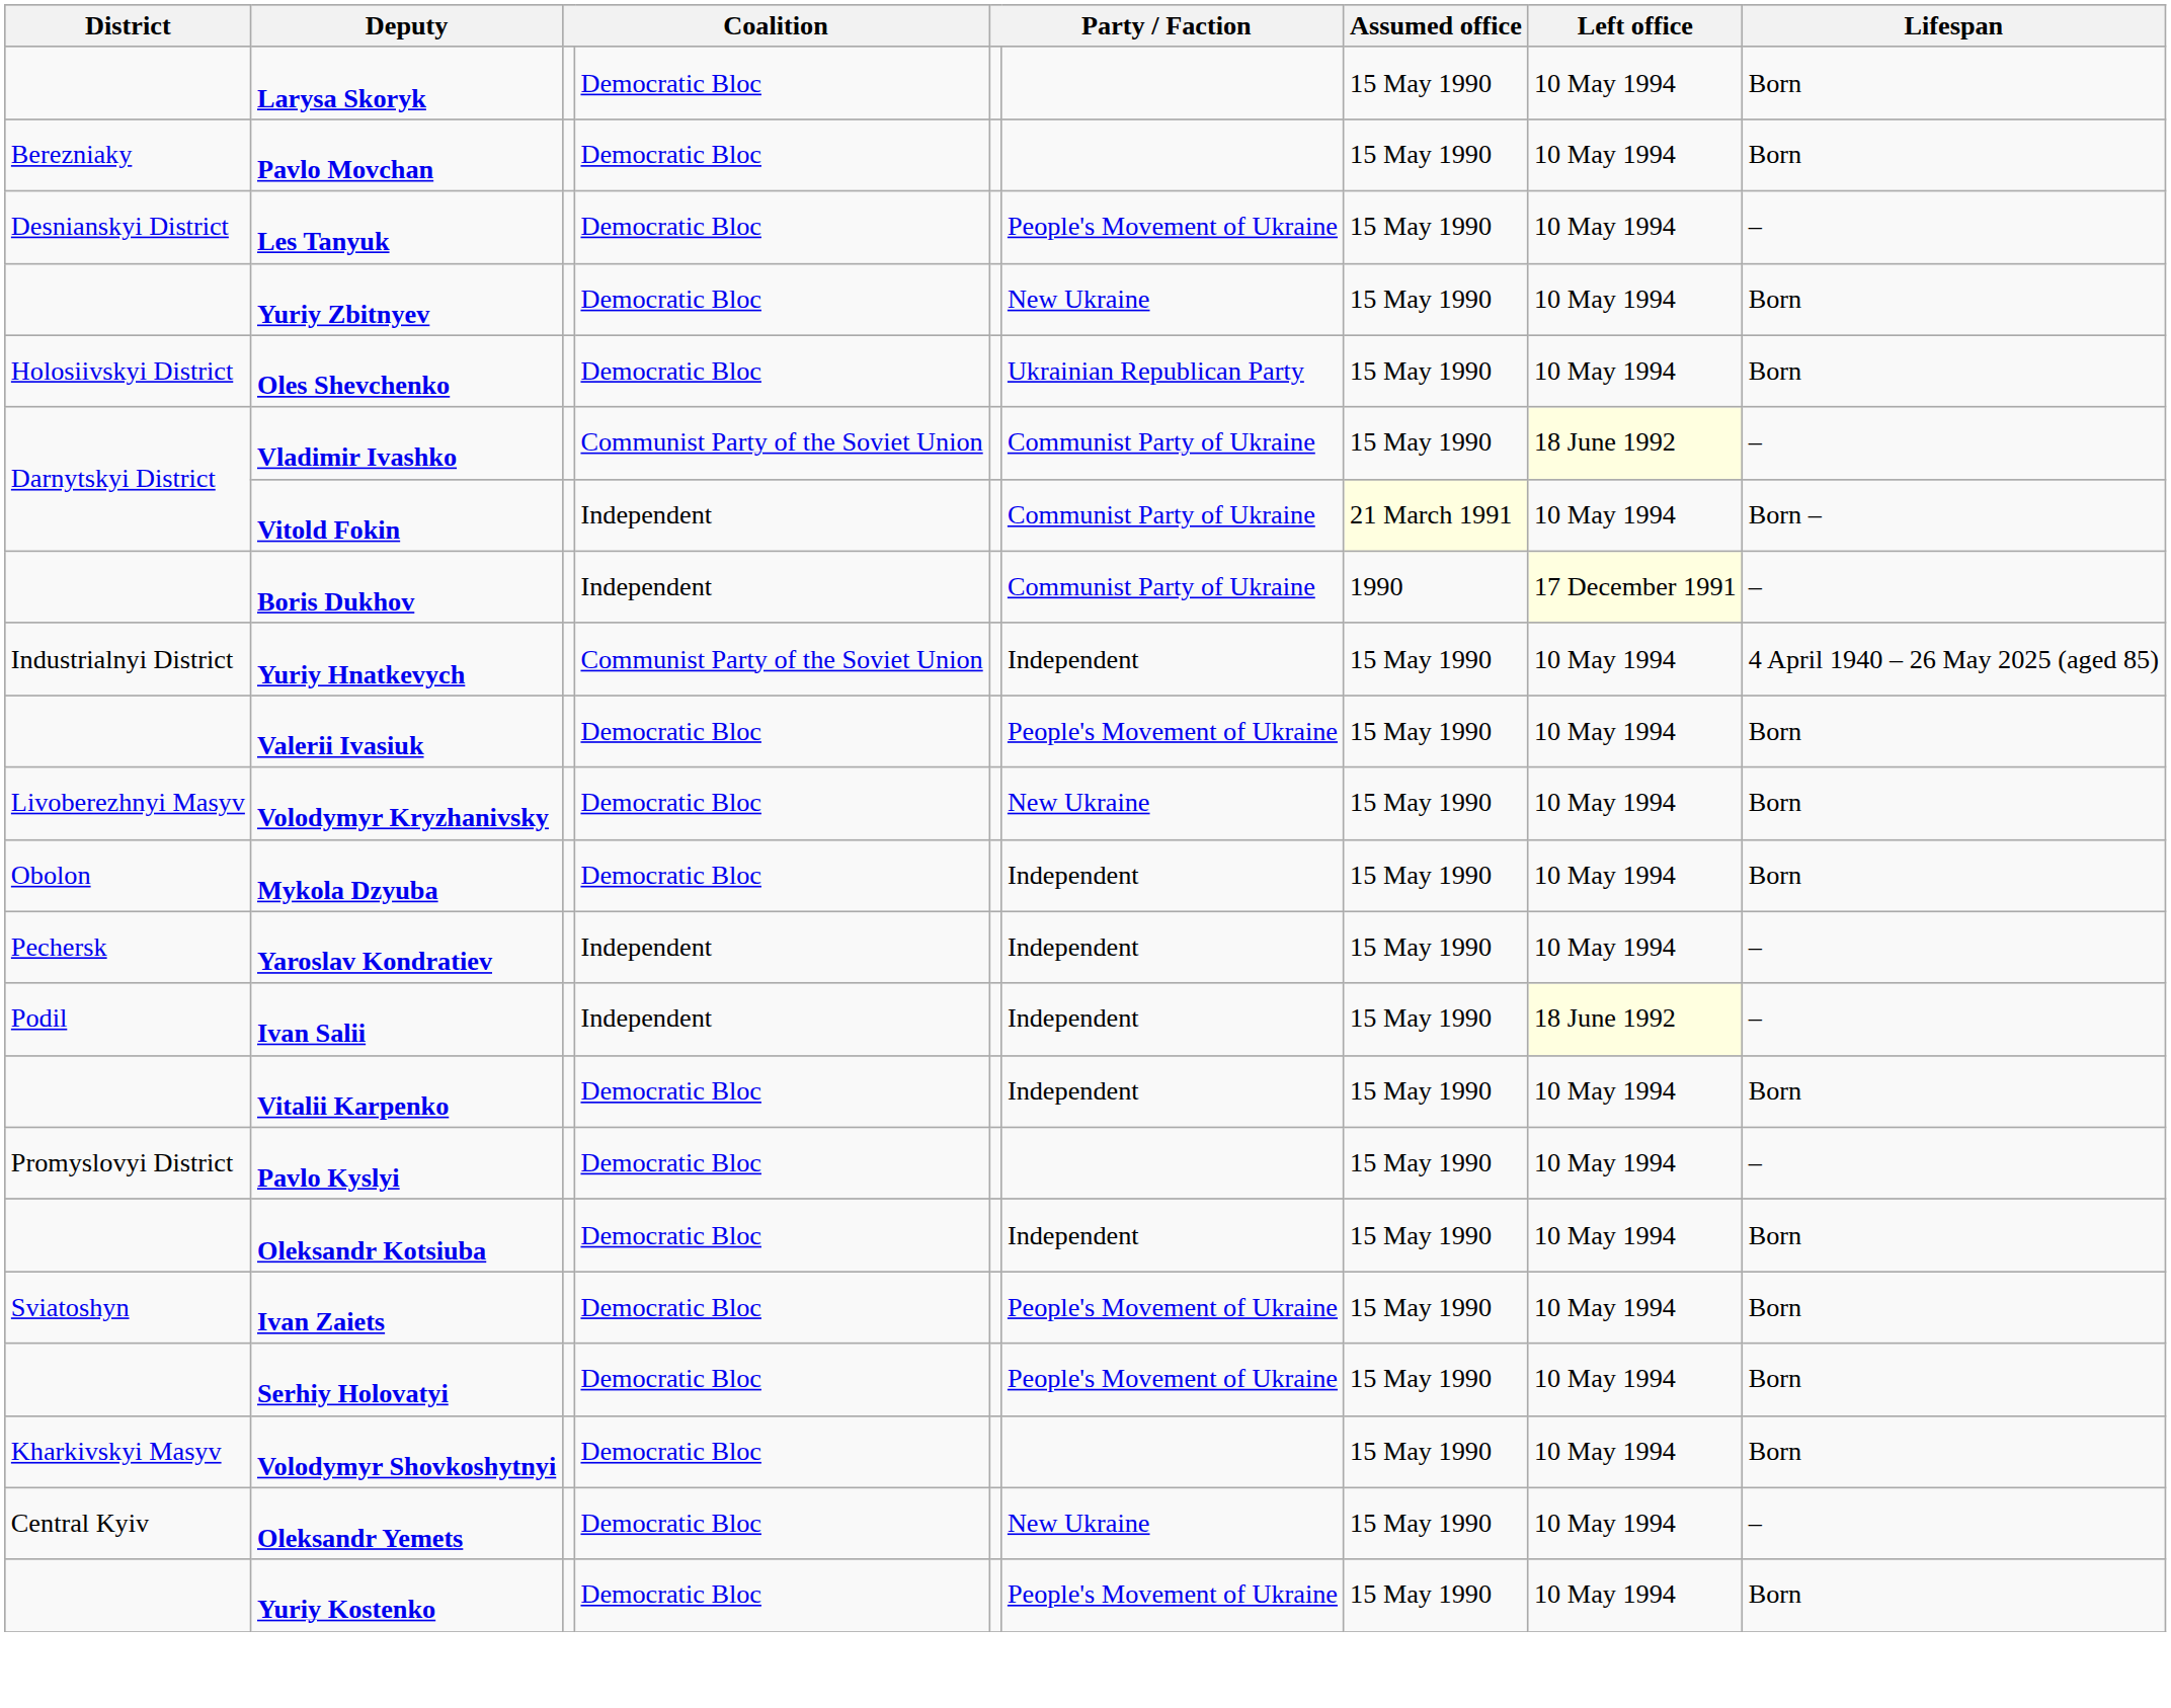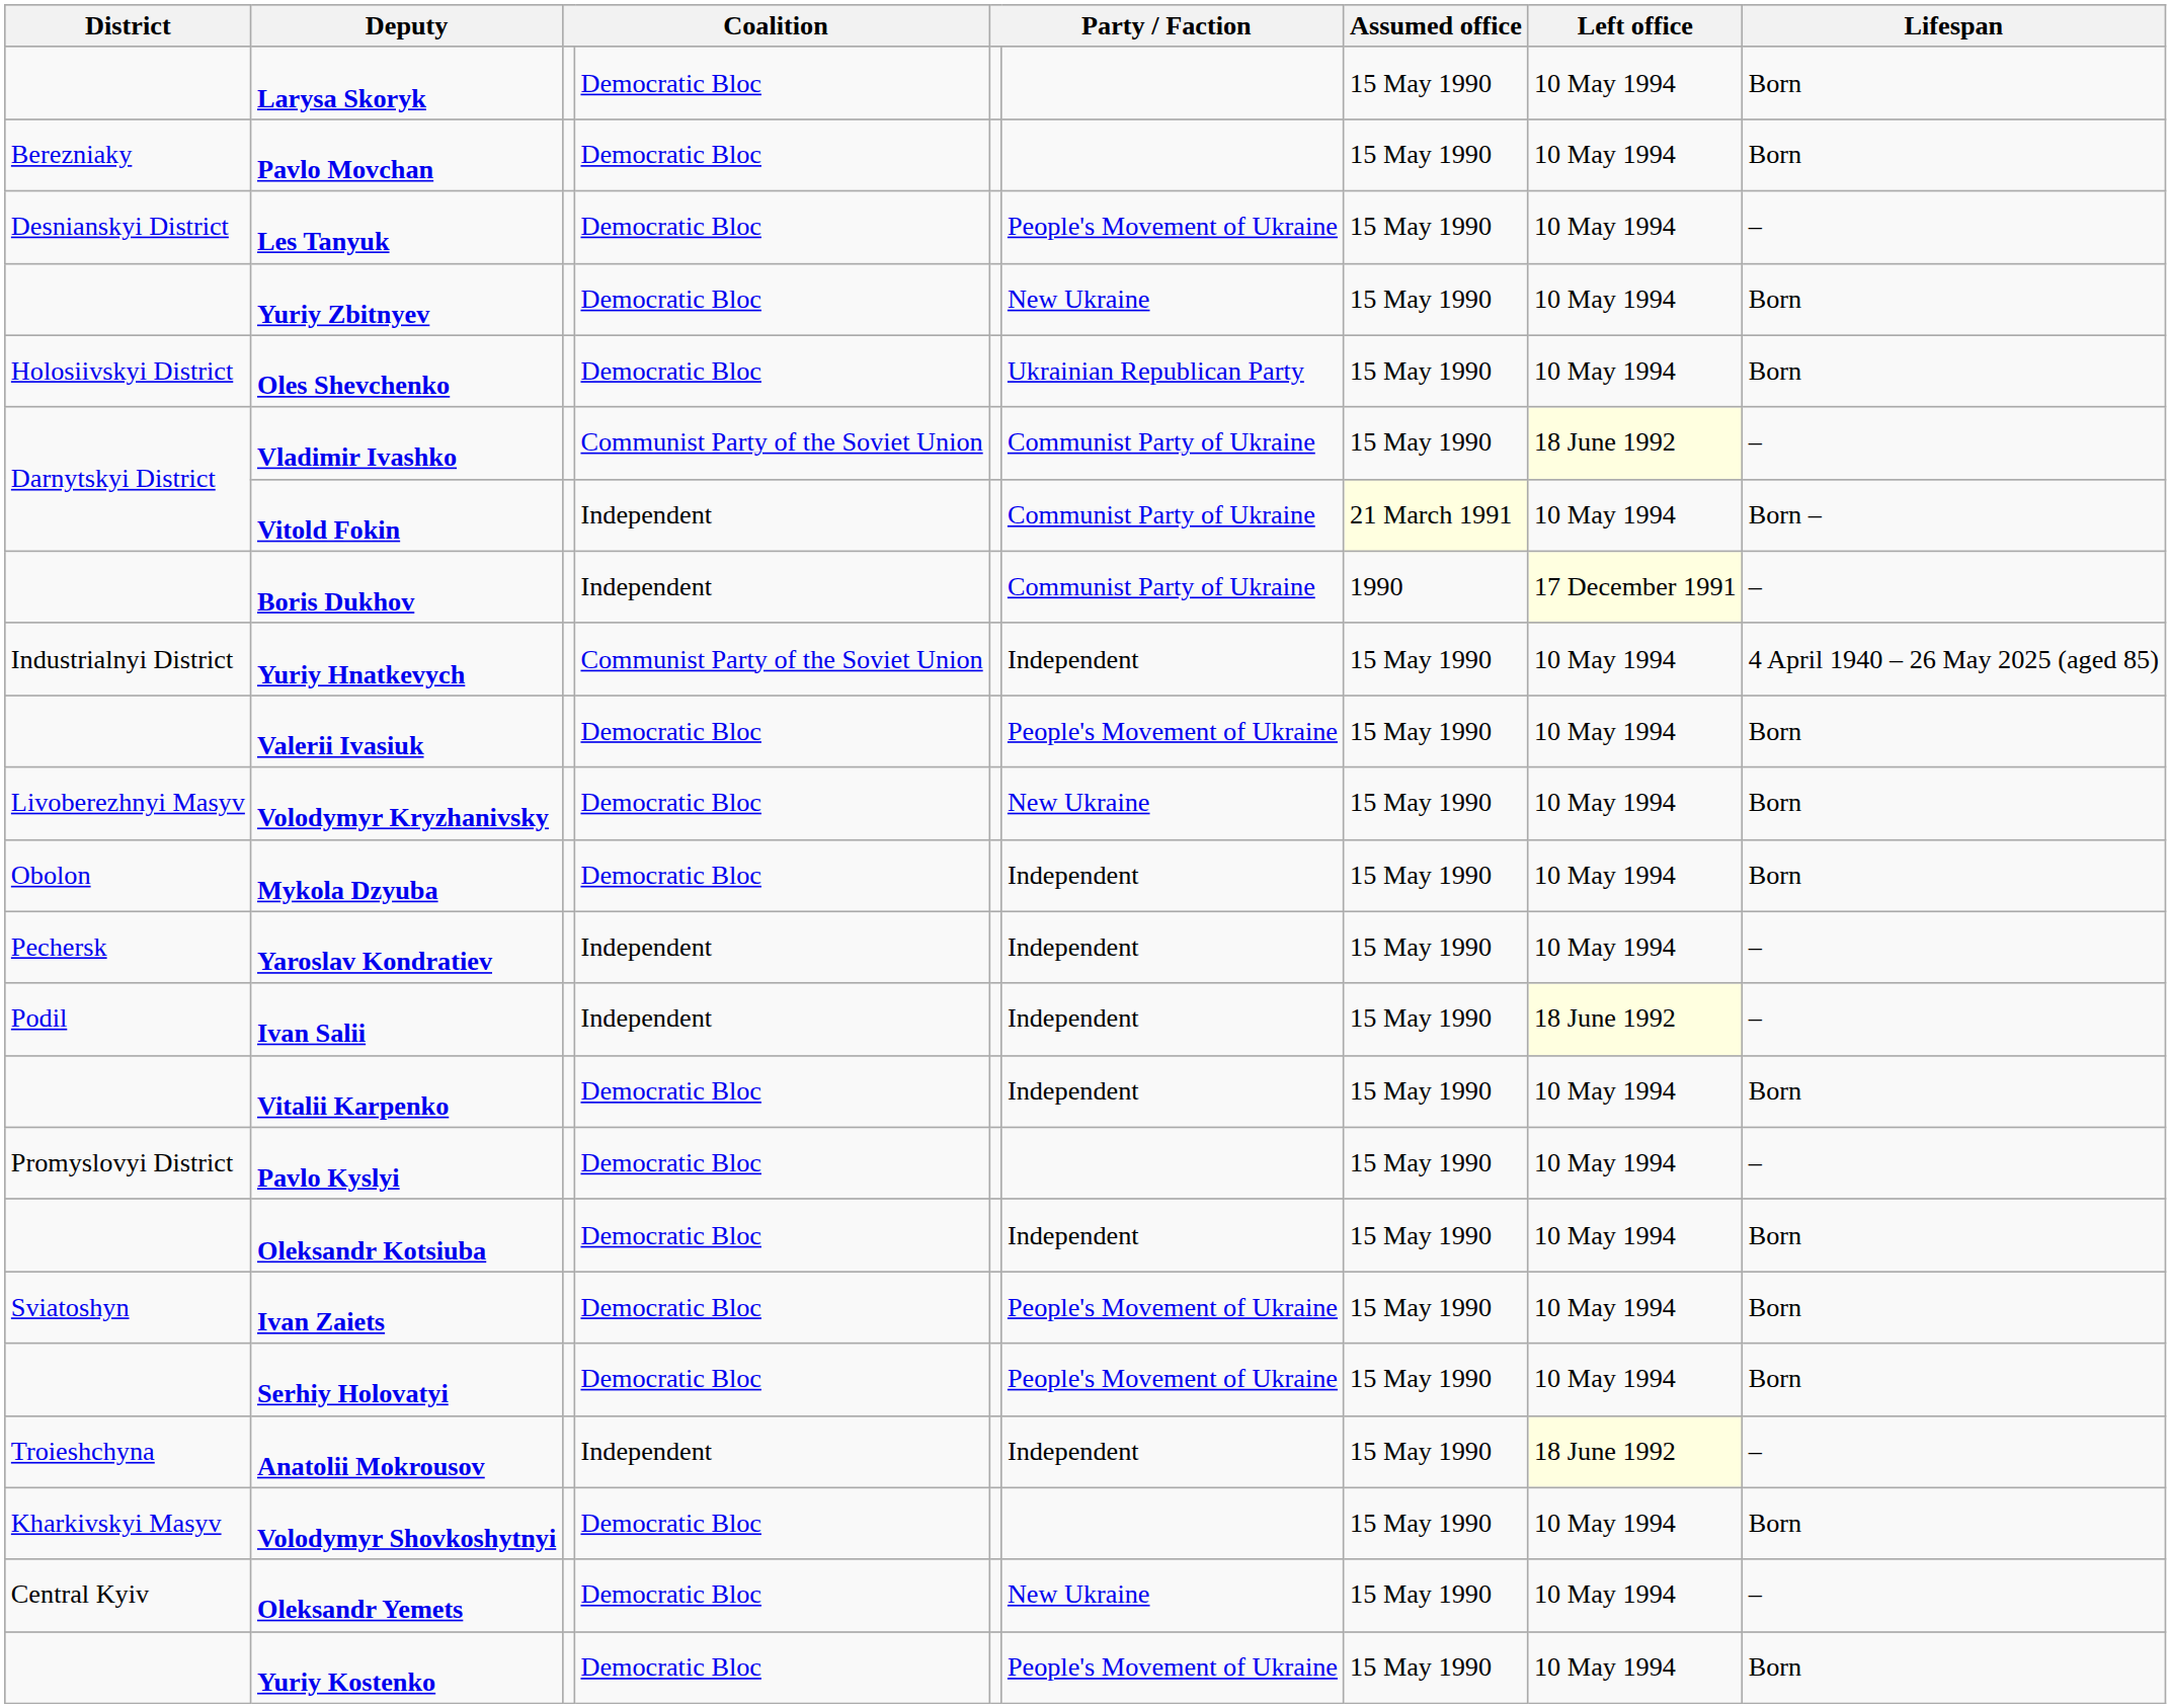 <table class="wikitable standard sortable">
 <tr>
 <th scope="col">District<br></th>
 <th scope="col">Deputy</th>
 <th scope="col" colspan=2>Coalition</th>
 <th scope="col" colspan=2>Party / Faction</th>
 <th scope="col">Assumed office</th>
 <th scope="col">Left office</th>
 <th scope="col">Lifespan</th>
 </tr>
 <tr>
 <td><br></td>
 <td data-sort-value="Skoryk, Larysa"><br><strong><a href='#'>Larysa Skoryk</a></strong></td>
 <td style="background-color:"></td>
 <td><a href='#'>Democratic Bloc</a></td>
 <td style="background-color:"></td>
 <td></td>
 <td>15 May 1990</td>
 <td>10 May 1994</td>
 <td>Born </td>
 </tr>
 <tr>
 <td><a href='#'>Berezniaky</a><br></td>
 <td data-sort-value="Movchan, Pavlo"><br><strong><a href='#'>Pavlo Movchan</a></strong></td>
 <td style="background-color:"></td>
 <td><a href='#'>Democratic Bloc</a></td>
 <td style="background-color:"></td>
 <td></td>
 <td>15 May 1990</td>
 <td>10 May 1994</td>
 <td>Born </td>
 </tr>
 <tr>
 <td><a href='#'>Desnianskyi District</a><br></td>
 <td data-sort-value="Tanyuk, Les"><br><strong><a href='#'>Les Tanyuk</a></strong></td>
 <td style="background-color:"></td>
 <td><a href='#'>Democratic Bloc</a></td>
 <td style="background-color:"></td>
 <td><a href='#'>People's Movement of Ukraine</a></td>
 <td>15 May 1990</td>
 <td>10 May 1994</td>
 <td> – </td>
 </tr>
 <tr>
 <td><br></td>
 <td data-sort-value="Zbitnyev, Yuriy"><br><strong><a href='#'>Yuriy Zbitnyev</a></strong></td>
 <td style="background-color:"></td>
 <td><a href='#'>Democratic Bloc</a></td>
 <td style="background-color:"></td>
 <td><a href='#'>New Ukraine</a></td>
 <td>15 May 1990</td>
 <td>10 May 1994</td>
 <td>Born </td>
 </tr>
 <tr>
 <td><a href='#'>Holosiivskyi District</a><br></td>
 <td data-sort-value="Shevchenko, Oles"><br><strong><a href='#'>Oles Shevchenko</a></strong></td>
 <td style="background-color:"></td>
 <td><a href='#'>Democratic Bloc</a></td>
 <td style="background-color:"></td>
 <td><a href='#'>Ukrainian Republican Party</a></td>
 <td>15 May 1990</td>
 <td>10 May 1994</td>
 <td>Born </td>
 </tr>
 <tr>
 <td rowspan=2><a href='#'>Darnytskyi District</a><br></td>
 <td data-sort-value="Ivashko, Vladimir"><br><strong><a href='#'>Vladimir Ivashko</a></strong></td>
 <td style="background-color:"></td>
 <td><a href='#'>Communist Party of the Soviet Union</a></td>
 <td style="background-color:"></td>
 <td><a href='#'>Communist Party of Ukraine</a></td>
 <td>15 May 1990</td>
 <td style="background:#FFFFE0">18 June 1992</td>
 <td> – </td>
 </tr>
 <tr>
 <td data-sort-value="Fokin, Vitold"><br><strong><a href='#'>Vitold Fokin</a></strong></td>
 <td style="background-color:"></td>
 <td>Independent</td>
 <td style="background-color:"></td>
 <td><a href='#'>Communist Party of Ukraine</a></td>
 <td style="background:#FFFFE0">21 March 1991</td>
 <td>10 May 1994</td>
 <td>Born  – </td>
 </tr>
 <tr>
 <td><br></td>
 <td data-sort-value="Dukhov, Boris"><br><strong><a href='#'>Boris Dukhov</a></strong></td>
 <td style="background-color:"></td>
 <td>Independent</td>
 <td style="background-color:"></td>
 <td><a href='#'>Communist Party of Ukraine</a></td>
 <td>1990</td>
 <td style="background:#FFFFE0">17 December 1991</td>
 <td> – </td>
 </tr>
 <tr>
 <td>Industrialnyi District<br></td>
 <td data-sort-value="Hnatkevych, Yuriy"><br><strong><a href='#'>Yuriy Hnatkevych</a></strong></td>
 <td style="background-color:"></td>
 <td><a href='#'>Communist Party of the Soviet Union</a></td>
 <td style="background-color:"></td>
 <td>Independent</td>
 <td>15 May 1990</td>
 <td>10 May 1994</td>
 <td>4 April 1940 – 26 May 2025 (aged 85)</td>
 </tr>
 <tr>
 <td><br></td>
 <td data-sort-value="Hnatkevych, Yurii"><br><strong><a href='#'>Valerii Ivasiuk</a></strong></td>
 <td style="background-color:"></td>
 <td><a href='#'>Democratic Bloc</a></td>
 <td style="background-color:"></td>
 <td><a href='#'>People's Movement of Ukraine</a></td>
 <td>15 May 1990</td>
 <td>10 May 1994</td>
 <td>Born </td>
 </tr>
 <tr>
 <td><a href='#'>Livoberezhnyi Masyv</a><br></td>
 <td data-sort-value="Kryzhanivsky, Volodymyr"><br><strong><a href='#'>Volodymyr Kryzhanivsky</a></strong></td>
 <td style="background-color:"></td>
 <td><a href='#'>Democratic Bloc</a></td>
 <td style="background-color:"></td>
 <td><a href='#'>New Ukraine</a></td>
 <td>15 May 1990</td>
 <td>10 May 1994</td>
 <td>Born </td>
 </tr>
 <tr>
 <td><a href='#'>Obolon</a><br></td>
 <td data-sort-value="Dzyuba, Mykola"><br><strong><a href='#'>Mykola Dzyuba</a></strong></td>
 <td style="background-color:"></td>
 <td><a href='#'>Democratic Bloc</a></td>
 <td style="background-color:"></td>
 <td>Independent</td>
 <td>15 May 1990</td>
 <td>10 May 1994</td>
 <td>Born </td>
 </tr>
 <tr>
 <td><a href='#'>Pechersk</a><br></td>
 <td><br><strong><a href='#'>Yaroslav Kondratiev</a></strong></td>
 <td style="background-color:"></td>
 <td>Independent</td>
 <td style="background-color:"></td>
 <td>Independent</td>
 <td>15 May 1990</td>
 <td>10 May 1994</td>
 <td> – </td>
 </tr>
 <tr>
 <td><a href='#'>Podil</a><br></td>
 <td><br><strong><a href='#'>Ivan Salii</a></strong></td>
 <td style="background-color:"></td>
 <td>Independent</td>
 <td style="background-color:"></td>
 <td>Independent</td>
 <td>15 May 1990</td>
 <td style="background:#FFFFE0">18 June 1992</td>
 <td> – </td>
 </tr>
 <tr>
 <td><br></td>
 <td data-sort-value="Karpenko, Vitalii"><br><strong><a href='#'>Vitalii Karpenko</a></strong></td>
 <td style="background-color:"></td>
 <td><a href='#'>Democratic Bloc</a></td>
 <td style="background-color:"></td>
 <td>Independent</td>
 <td>15 May 1990</td>
 <td>10 May 1994</td>
 <td>Born </td>
 </tr>
 <tr>
 <td>Promyslovyi District<br></td>
 <td data-sort-value="Kyslyi, Pavlo"><br><strong><a href='#'>Pavlo Kyslyi</a></strong></td>
 <td style="background-color:"></td>
 <td><a href='#'>Democratic Bloc</a></td>
 <td style="background-color:"></td>
 <td></td>
 <td>15 May 1990</td>
 <td>10 May 1994</td>
 <td> – </td>
 </tr>
 <tr>
 <td><br></td>
 <td data-sort-value="Kotsiuba, Oleksandr"><br><strong><a href='#'>Oleksandr Kotsiuba</a></strong></td>
 <td style="background-color:"></td>
 <td><a href='#'>Democratic Bloc</a></td>
 <td style="background-color:"></td>
 <td>Independent</td>
 <td>15 May 1990</td>
 <td>10 May 1994</td>
 <td>Born </td>
 </tr>
 <tr>
 <td><a href='#'>Sviatoshyn</a><br></td>
 <td data-sort-value="Zaiets, Ivan"><br><strong><a href='#'>Ivan Zaiets</a></strong></td>
 <td style="background-color:"></td>
 <td><a href='#'>Democratic Bloc</a></td>
 <td style="background-color:"></td>
 <td><a href='#'>People's Movement of Ukraine</a></td>
 <td>15 May 1990</td>
 <td>10 May 1994</td>
 <td>Born </td>
 </tr>
 <tr>
 <td><br></td>
 <td data-sort-value="Holovatyi, Serhiy"><br><strong><a href='#'>Serhiy Holovatyi</a></strong></td>
 <td style="background-color:"></td>
 <td><a href='#'>Democratic Bloc</a></td>
 <td style="background-color:"></td>
 <td><a href='#'>People's Movement of Ukraine</a></td>
 <td>15 May 1990</td>
 <td>10 May 1994</td>
 <td>Born </td>
 </tr>
 <tr>
+<td><a href='#'>Troieshchyna</a><br></td>
+<td data-sort-value="Mokrousov, Anatolii"><br><strong><a href='#'>Anatolii Mokrousov</a></strong></td>
+<td style="background-color:"></td>
+<td>Independent</td>
+<td style="background-color:"></td>
+<td>Independent</td>
+<td>15 May 1990</td>
+<td style="background:#FFFFE0">18 June 1992</td>
+<td> – </td>
+</tr>
+<tr>
 <td><a href='#'>Kharkivskyi Masyv</a><br></td>
 <td data-sort-value="Shovkoshytnyi, Volodymyr"><br><strong><a href='#'>Volodymyr Shovkoshytnyi</a></strong></td>
 <td style="background-color:"></td>
 <td><a href='#'>Democratic Bloc</a></td>
 <td style="background-color:"></td>
 <td></td>
 <td>15 May 1990</td>
 <td>10 May 1994</td>
 <td>Born </td>
 </tr>
 <tr>
 <td>Central Kyiv<br></td>
 <td data-sort-value="Yemets, Oleksandr"><br><strong><a href='#'>Oleksandr Yemets</a></strong></td>
 <td style="background-color:"></td>
 <td><a href='#'>Democratic Bloc</a></td>
 <td style="background-color:"></td>
 <td><a href='#'>New Ukraine</a></td>
 <td>15 May 1990</td>
 <td>10 May 1994</td>
 <td> – </td>
 </tr>
 <tr>
 <td><br></td>
 <td data-sort-value="Kostenko, Yuriy"><br><strong><a href='#'>Yuriy Kostenko</a></strong></td>
 <td style="background-color:"></td>
 <td><a href='#'>Democratic Bloc</a></td>
 <td style="background-color:"></td>
 <td><a href='#'>People's Movement of Ukraine</a></td>
 <td>15 May 1990</td>
 <td>10 May 1994</td>
 <td>Born </td>
 </tr>
 </table>
